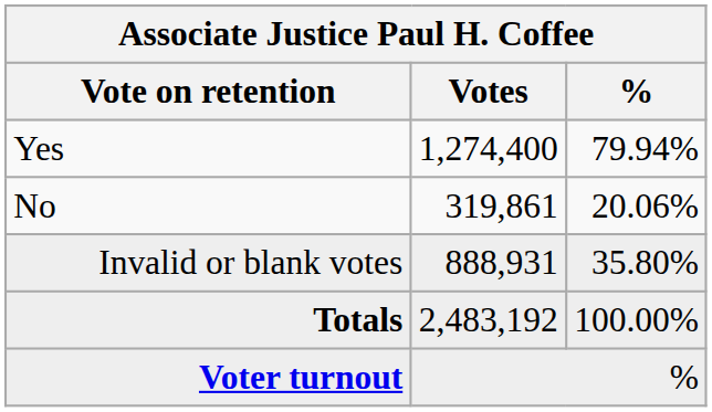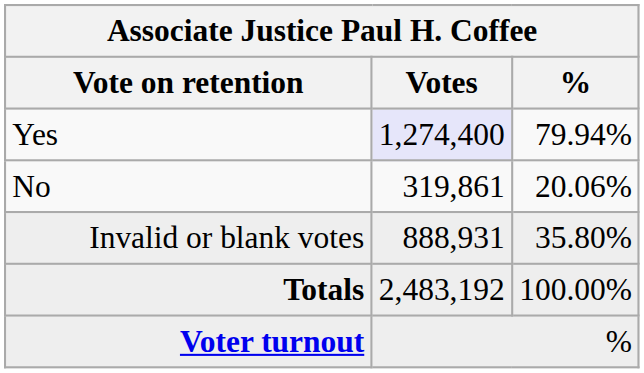 <table class="wikitable" style="font-size: 95%;">
 <tr style="background-color:#E9E9E9">
 <th colspan=7>Associate Justice Paul H. Coffee</th>
 </tr>
 <tr style="background-color:#E9E9E9">
 <th style="width: 170px">Vote on retention</th>
 <th style="width: 50px">Votes</th>
 <th style="width: 40px">%</th>
 </tr>
 <tr>
 <td>Yes</td>
-<td align="right">1,274,400</td>
+<td align="right" style="background: lavender;">1,274,400</td>
 <td align="right">79.94%</td>
 </tr>
 <tr>
 <td>No</td>
 <td align="right">319,861</td>
 <td align="right">20.06%</td>
 </tr>
 <tr style="background-color:#EEEEEE">
 <td align="right">Invalid or blank votes</td>
 <td align="right">888,931</td>
 <td align="right">35.80%</td>
 </tr>
 <tr style="background-color:#EEEEEE">
 <td colspan="1" align="right"><strong>Totals</strong></td>
 <td align="right">2,483,192</td>
 <td align="right">100.00%</td>
 </tr>
 <tr style="background-color:#EEEEEE">
 <td align="right"><strong><a href='#'>Voter turnout</a></strong></td>
 <td colspan="2" align="right">%</td>
 </tr>
 </table>
